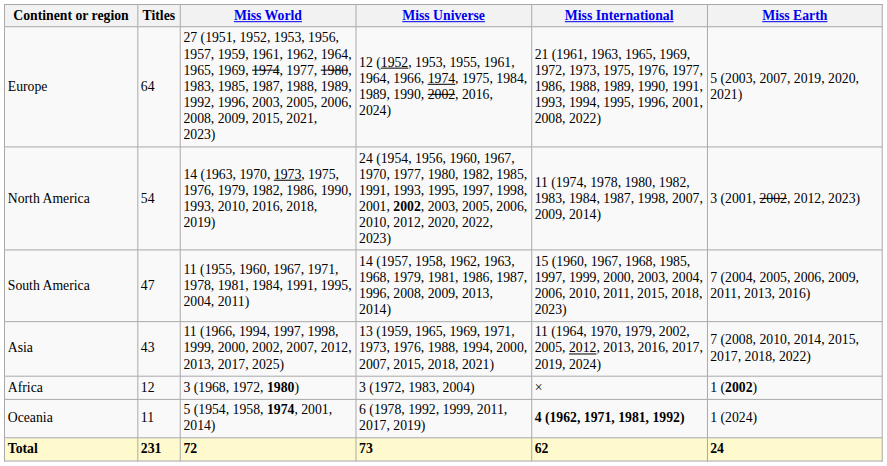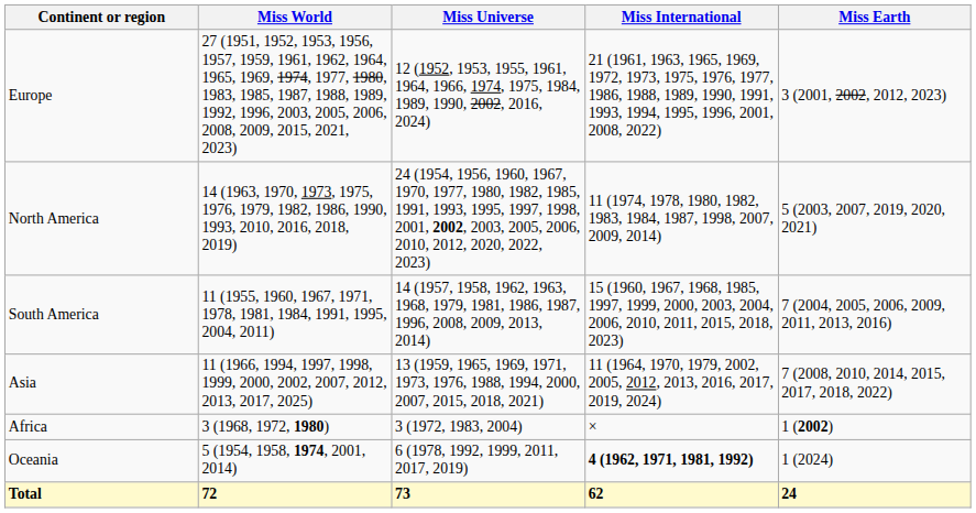 <table class="wikitable sortable" style="font-size: 85%;">
 <tr>
 <th>Continent or region</th>
-<th>Titles</th>
 <th style="width:20%;"><a href='#'>Miss World</a></th>
 <th style="width:20%;"><a href='#'>Miss Universe</a></th>
 <th style="width:20%;"><a href='#'>Miss International</a></th>
 <th style="width:20%;"><a href='#'>Miss Earth</a></th>
 </tr>
 <tr>
 <td>Europe</td>
-<td>64</td>
 <td>27 (1951, 1952, 1953, 1956, 1957, 1959, 1961, 1962, 1964, 1965, 1969, <s>1974</s>, 1977, <s>1980</s>, 1983, 1985, 1987, 1988, 1989, 1992, 1996, 2003, 2005, 2006, 2008, 2009, 2015, 2021, 2023)</td>
 <td>12 (<u>1952</u>, 1953, 1955, 1961, 1964, 1966, <u>1974</u>, 1975, 1984, 1989, 1990, <s>2002</s>, 2016, 2024)</td>
 <td>21 (1961, 1963, 1965, 1969, 1972, 1973, 1975, 1976, 1977, 1986, 1988, 1989, 1990, 1991, 1993, 1994, 1995, 1996, 2001, 2008, 2022)</td>
+<td>3 (2001, <s>2002</s>, 2012, 2023)</td>
+</tr>
+<tr>
+<td>North America</td>
+<td>14 (1963, 1970, <u>1973</u>, 1975, 1976, 1979, 1982, 1986, 1990, 1993, 2010, 2016, 2018, 2019)</td>
+<td>24 (1954, 1956, 1960, 1967, 1970, 1977, 1980, 1982, 1985, 1991, 1993, 1995, 1997, 1998, 2001, <strong>2002</strong>, 2003, 2005, 2006, 2010, 2012, 2020, 2022, 2023)</td>
+<td>11 (1974, 1978, 1980, 1982, 1983, 1984, 1987, 1998, 2007, 2009, 2014)</td>
 <td>5 (2003, 2007, 2019, 2020, 2021)</td>
 </tr>
 <tr>
-<td>North America</td>
-<td>54</td>
-<td>14 (1963, 1970, <u>1973</u>, 1975, 1976, 1979, 1982, 1986, 1990, 1993, 2010, 2016, 2018, 2019)</td>
-<td>24 (1954, 1956, 1960, 1967, 1970, 1977, 1980, 1982, 1985, 1991, 1993, 1995, 1997, 1998, 2001, <strong>2002</strong>, 2003, 2005, 2006, 2010, 2012, 2020, 2022, 2023)</td>
-<td>11 (1974, 1978, 1980, 1982, 1983, 1984, 1987, 1998, 2007, 2009, 2014)</td>
-<td>3 (2001, <s>2002</s>, 2012, 2023)</td>
-</tr>
-<tr>
 <td>South America</td>
-<td>47</td>
 <td>11 (1955, 1960, 1967, 1971, 1978, 1981, 1984, 1991, 1995, 2004, 2011)</td>
 <td>14 (1957, 1958, 1962, 1963, 1968, 1979, 1981, 1986, 1987, 1996, 2008, 2009, 2013, 2014)</td>
 <td>15 (1960, 1967, 1968, 1985, 1997, 1999, 2000, 2003, 2004, 2006, 2010, 2011, 2015, 2018, 2023)</td>
 <td>7 (2004, 2005, 2006, 2009, 2011, 2013, 2016)</td>
 </tr>
 <tr>
 <td>Asia</td>
-<td>43</td>
 <td>11 (1966, 1994, 1997, 1998, 1999, 2000, 2002, 2007, 2012, 2013, 2017, 2025)</td>
 <td>13 (1959, 1965, 1969, 1971, 1973, 1976, 1988, 1994, 2000, 2007, 2015, 2018, 2021)</td>
 <td>11 (1964, 1970, 1979, 2002, 2005, <u>2012</u>, 2013, 2016, 2017, 2019, 2024)</td>
 <td>7 (2008, 2010, 2014, 2015, 2017, 2018, 2022)</td>
 </tr>
 <tr>
 <td>Africa</td>
-<td>12</td>
 <td>3 (1968, 1972, <strong>1980</strong>)</td>
 <td>3 (1972, 1983, 2004)</td>
 <td>×</td>
 <td>1 (<strong>2002</strong>)</td>
 </tr>
 <tr>
 <td>Oceania</td>
-<td>11</td>
 <td>5 (1954, 1958, <strong>1974</strong>, 2001, 2014)</td>
 <td>6 (1978, 1992, 1999, 2011, 2017, 2019)</td>
 <td><strong>4 (1962, 1971, 1981, 1992)</strong></td>
 <td>1 (2024)</td>
 </tr>
 <tr style="background: #FFFACD;">
 <td><strong>Total</strong></td>
-<td><strong>231</strong></td>
 <td><strong>72</strong></td>
 <td><strong>73</strong></td>
 <td><strong>62</strong></td>
 <td><strong>24</strong></td>
 </tr>
 </table>
